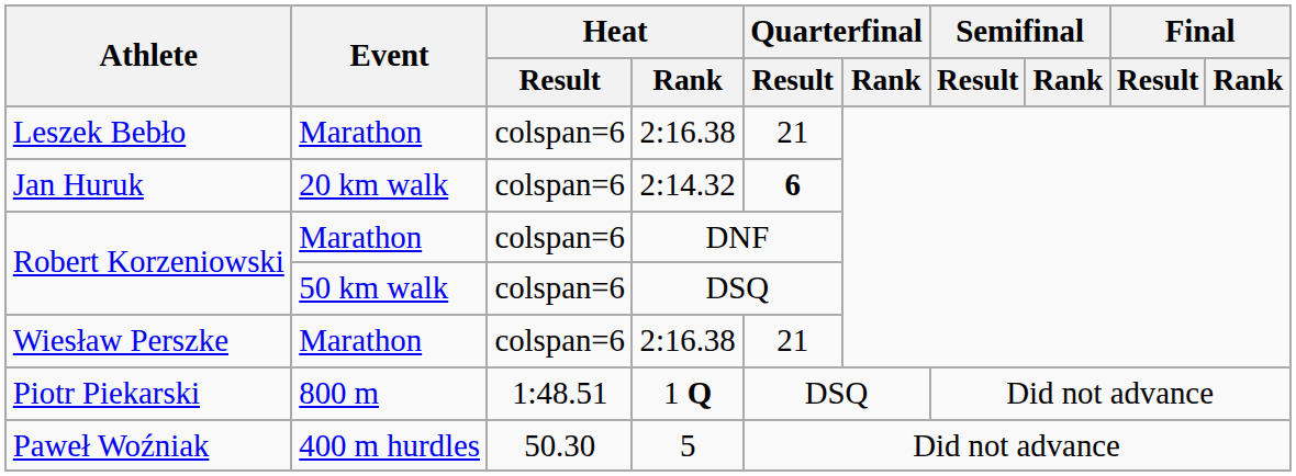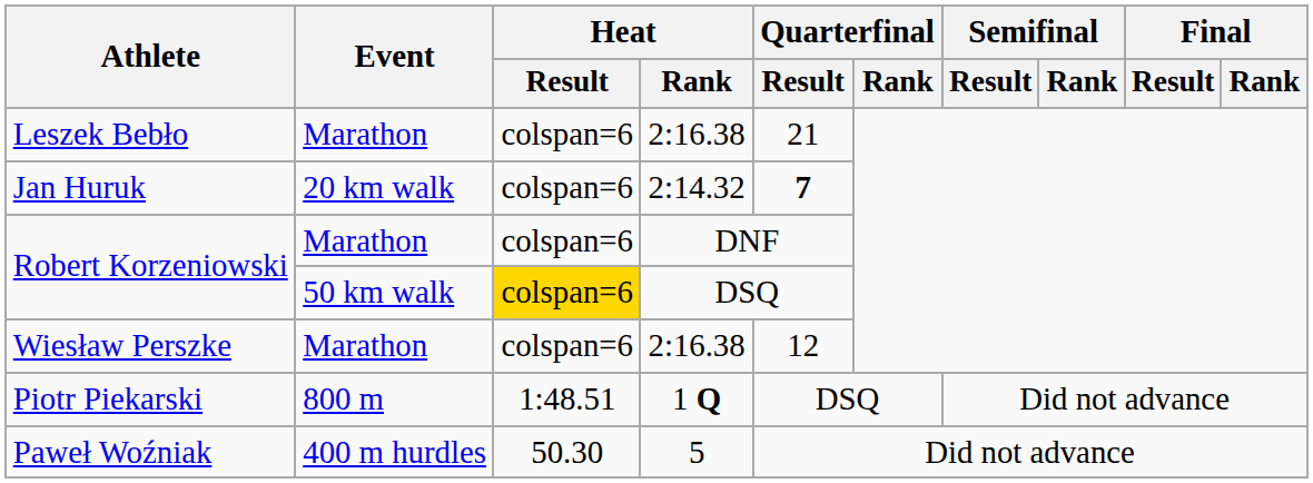 <table class="wikitable" style="font-size:90%">
 <tr>
 <th rowspan="2">Athlete</th>
 <th rowspan="2">Event</th>
 <th colspan="2">Heat</th>
 <th colspan="2">Quarterfinal</th>
 <th colspan="2">Semifinal</th>
 <th colspan="2">Final</th>
 </tr>
 <tr style="font-size:95%">
 <th>Result</th>
 <th>Rank</th>
 <th>Result</th>
 <th>Rank</th>
 <th>Result</th>
 <th>Rank</th>
 <th>Result</th>
 <th>Rank</th>
 </tr>
 <tr align=center>
 <td align=left><a href='#'>Leszek Bebło</a></td>
 <td align=left><a href='#'>Marathon</a></td>
 <td>colspan=6 </td>
 <td>2:16.38</td>
 <td>21</td>
 </tr>
 <tr align=center>
 <td align=left><a href='#'>Jan Huruk</a></td>
 <td align=left><a href='#'>20 km walk</a></td>
 <td>colspan=6 </td>
 <td>2:14.32</td>
-<td><strong>6</strong></td>
+<td><strong>7</strong></td>
 </tr>
 <tr align=center>
 <td align=left rowspan=2><a href='#'>Robert Korzeniowski</a></td>
 <td align=left><a href='#'>Marathon</a></td>
 <td>colspan=6 </td>
 <td colspan=2>DNF</td>
 </tr>
 <tr align=center>
 <td align=left><a href='#'>50 km walk</a></td>
-<td>colspan=6 </td>
+<td style="background: gold;">colspan=6 </td>
 <td colspan=2>DSQ</td>
 </tr>
 <tr align=center>
 <td align=left><a href='#'>Wiesław Perszke</a></td>
 <td align=left><a href='#'>Marathon</a></td>
 <td>colspan=6 </td>
 <td>2:16.38</td>
-<td>21</td>
+<td>12</td>
 </tr>
 <tr align=center>
 <td align=left><a href='#'>Piotr Piekarski</a></td>
 <td align=left><a href='#'>800 m</a></td>
 <td>1:48.51</td>
 <td>1 <strong>Q</strong></td>
 <td colspan=2>DSQ</td>
 <td colspan=4>Did not advance</td>
 </tr>
 <tr align=center>
 <td align=left><a href='#'>Paweł Woźniak</a></td>
 <td align=left><a href='#'>400 m hurdles</a></td>
 <td>50.30</td>
 <td>5</td>
 <td colspan=6>Did not advance</td>
 </tr>
 </table>
